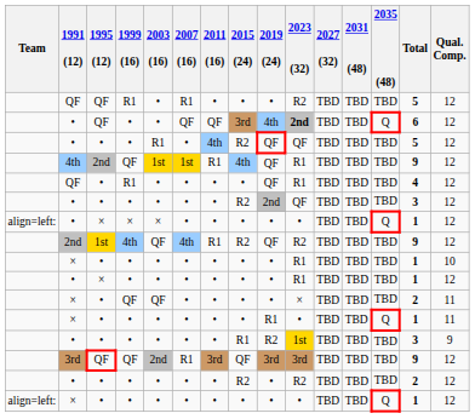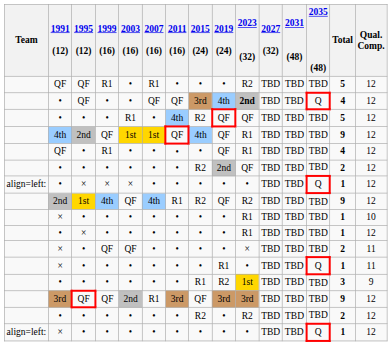 <table class="wikitable" style="text-align:center; font-size:90%;">
 <tr>
 <th>Team</th>
 <th><a href='#'>1991</a><br><br>(12)</th>
 <th><a href='#'>1995</a><br><br>(12)</th>
 <th><a href='#'>1999</a><br><br>(16)</th>
 <th><a href='#'>2003</a><br><br>(16)</th>
 <th><a href='#'>2007</a><br><br>(16)</th>
 <th><a href='#'>2011</a><br><br>(16)</th>
 <th><a href='#'>2015</a><br><br>(24)</th>
 <th><a href='#'>2019</a><br><br>(24)</th>
 <th><a href='#'>2023</a><br><br><br>(32)</th>
 <th><a href='#'>2027</a><br><br>(32)</th>
 <th><a href='#'>2031</a><br> <br><br> (48)</th>
 <th><a href='#'>2035</a><br> <br><br><br><br> (48)</th>
 <th>Total</th>
 <th>Qual.<br>Comp.</th>
 </tr>
 <tr>
 <td align=left></td>
 <td>QF<br></td>
 <td>QF<br></td>
 <td>R1<br></td>
 <td>•</td>
 <td>R1<br></td>
 <td>•</td>
 <td>•</td>
 <td>•</td>
 <td>R2<br></td>
 <td>TBD</td>
 <td>TBD</td>
 <td>TBD</td>
 <td><strong>5</strong></td>
 <td>12</td>
 </tr>
 <tr>
 <td align=left></td>
 <td>•</td>
 <td>QF<br></td>
 <td>•</td>
 <td>•</td>
 <td>QF<br></td>
 <td>QF<br></td>
 <td bgcolor=#cc9966>3rd</td>
 <td bgcolor=#9acdff>4th</td>
 <td bgcolor=silver><strong>2nd</strong></td>
 <td>TBD</td>
 <td>TBD</td>
 <td style="border:3px solid red">Q</td>
-<td><strong>6</strong></td>
+<td><strong>4</strong></td>
 <td>12</td>
 </tr>
 <tr>
 <td align=left></td>
 <td>•</td>
 <td>•</td>
 <td>•</td>
 <td>R1<br></td>
 <td>•</td>
 <td bgcolor=#9acdff>4th</td>
 <td>R2<br></td>
 <td style="border:3px solid red">QF<br></td>
 <td>QF<br></td>
 <td>TBD</td>
 <td>TBD</td>
 <td>TBD</td>
 <td><strong>5</strong></td>
 <td>12</td>
 </tr>
 <tr>
 <td align=left></td>
 <td bgcolor=#9acdff>4th</td>
 <td bgcolor=silver>2nd</td>
 <td>QF<br></td>
 <td bgcolor="gold">1st</td>
 <td bgcolor="gold">1st</td>
-<td>R1<br></td>
+<td style="border:3px solid red">QF<br></td>
 <td bgcolor=#9acdff>4th</td>
 <td>QF<br></td>
 <td>R1<br></td>
 <td>TBD</td>
 <td>TBD</td>
 <td>TBD</td>
 <td><strong>9</strong></td>
 <td>12</td>
 </tr>
 <tr>
 <td align=left></td>
 <td>QF<br></td>
 <td>•</td>
 <td>R1<br></td>
 <td>•</td>
 <td>•</td>
 <td>•</td>
 <td>•</td>
 <td>QF<br></td>
 <td>R1<br></td>
 <td>TBD</td>
 <td>TBD</td>
 <td>TBD</td>
 <td><strong>4</strong></td>
 <td>12</td>
 </tr>
 <tr>
 <td align=left></td>
 <td>•</td>
 <td>•</td>
 <td>•</td>
 <td>•</td>
 <td>•</td>
 <td>•</td>
 <td>R2<br></td>
 <td bgcolor=silver>2nd</td>
 <td>QF<br></td>
 <td>TBD</td>
 <td>TBD</td>
 <td>TBD</td>
-<td><strong>3</strong></td>
+<td><strong>2</strong></td>
 <td>12</td>
 </tr>
 <tr>
 <td>align=left:</td>
 <td>•</td>
 <td>×</td>
 <td>×</td>
 <td>×</td>
 <td>•</td>
 <td>•</td>
 <td>•</td>
 <td>•</td>
 <td>•</td>
 <td>TBD</td>
 <td>TBD</td>
 <td style="border:3px solid red">Q</td>
 <td><strong>1</strong></td>
 <td>12</td>
 </tr>
 <tr>
 <td align=left></td>
 <td bgcolor=silver>2nd</td>
 <td bgcolor=gold>1st</td>
 <td bgcolor=#9acdff>4th</td>
 <td>QF<br></td>
 <td bgcolor=#9acdff>4th</td>
 <td>R1<br></td>
 <td>R2<br></td>
 <td>QF<br></td>
 <td>R2<br></td>
 <td>TBD</td>
 <td>TBD</td>
 <td>TBD</td>
 <td><strong>9</strong></td>
 <td>12</td>
 </tr>
 <tr>
 <td align=left></td>
 <td>×</td>
 <td>•</td>
 <td>•</td>
 <td>•</td>
 <td>•</td>
 <td>•</td>
 <td>•</td>
 <td>•</td>
 <td>R1<br></td>
 <td>TBD</td>
 <td>TBD</td>
 <td>TBD</td>
 <td><strong>1</strong></td>
 <td>10</td>
 </tr>
 <tr>
 <td align=left></td>
 <td>•</td>
 <td>×</td>
 <td>•</td>
 <td>•</td>
 <td>•</td>
 <td>•</td>
 <td>•</td>
 <td>•</td>
 <td>R1<br></td>
 <td>TBD</td>
 <td>TBD</td>
 <td>TBD</td>
 <td><strong>1</strong></td>
 <td>12</td>
 </tr>
 <tr>
 <td align=left></td>
 <td>×</td>
 <td>•</td>
 <td>QF<br></td>
 <td>QF<br></td>
 <td>•</td>
 <td>•</td>
 <td>•</td>
 <td>•</td>
 <td>×</td>
 <td>TBD</td>
 <td>TBD</td>
 <td>TBD</td>
 <td><strong>2</strong></td>
 <td>11</td>
 </tr>
 <tr>
 <td align=left></td>
 <td>×</td>
 <td>•</td>
 <td>•</td>
 <td>•</td>
 <td>•</td>
 <td>•</td>
 <td>•</td>
 <td>R1<br></td>
 <td>•</td>
 <td>TBD</td>
 <td>TBD</td>
 <td style="border:3px solid red">Q</td>
 <td><strong>1</strong></td>
 <td>11</td>
 </tr>
 <tr>
 <td align=left></td>
 <td>•</td>
 <td>•</td>
 <td>•</td>
 <td>•</td>
 <td>•</td>
 <td>•</td>
 <td>R1<br></td>
 <td>R2<br></td>
 <td bgcolor="gold">1st</td>
 <td>TBD</td>
 <td>TBD</td>
 <td>TBD</td>
 <td><strong>3</strong></td>
 <td>9</td>
 </tr>
 <tr>
 <td align=left></td>
 <td bgcolor=#cc9966>3rd</td>
 <td style="border:3px solid red">QF<br></td>
 <td>QF<br></td>
 <td bgcolor=silver>2nd</td>
 <td>R1<br></td>
 <td bgcolor=#cc9966>3rd</td>
 <td>QF<br></td>
 <td bgcolor=#cc9966>3rd</td>
 <td bgcolor=#cc9966>3rd</td>
 <td>TBD</td>
 <td>TBD</td>
 <td>TBD</td>
 <td><strong>9</strong></td>
 <td>12</td>
 </tr>
 <tr>
 <td align=left></td>
 <td>•</td>
 <td>•</td>
 <td>•</td>
 <td>•</td>
 <td>•</td>
 <td>•</td>
 <td>R2<br></td>
 <td>•</td>
 <td>R2<br></td>
 <td>TBD</td>
 <td>TBD</td>
 <td>TBD</td>
 <td><strong>2</strong></td>
 <td>12</td>
 </tr>
 <tr>
 <td>align=left:</td>
 <td>×</td>
 <td>•</td>
 <td>•</td>
 <td>•</td>
 <td>•</td>
 <td>•</td>
 <td>•</td>
 <td>•</td>
 <td>•</td>
 <td>TBD</td>
 <td>TBD</td>
 <td style="border:3px solid red">Q</td>
 <td><strong>1</strong></td>
 <td>12</td>
 </tr>
 </table>
